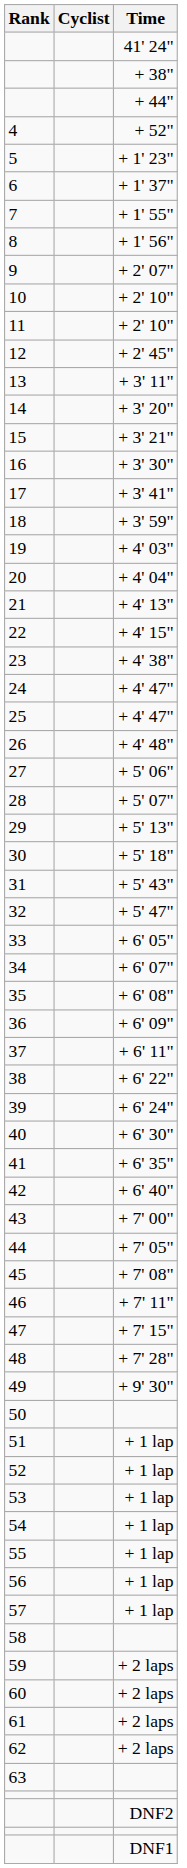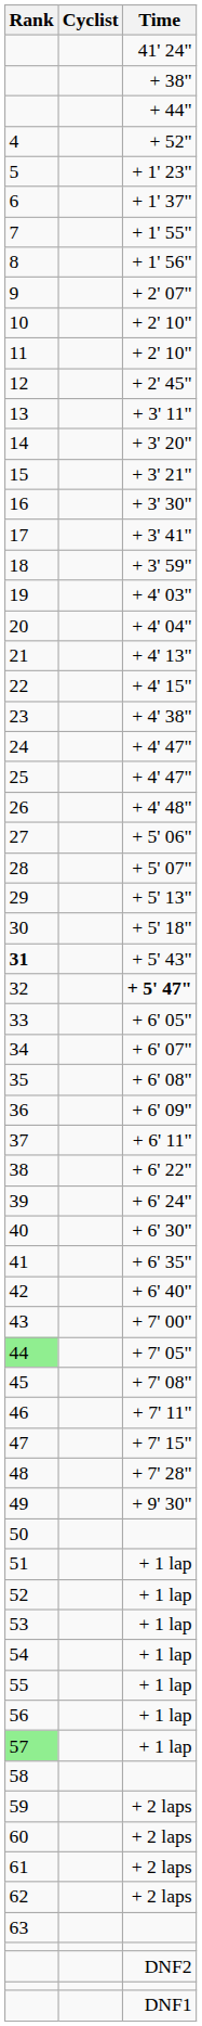 <table class="wikitable">
 <tr>
 <th>Rank</th>
 <th>Cyclist</th>
 <th>Time</th>
 </tr>
 <tr>
 <td></td>
 <td></td>
 <td align="right">41' 24"</td>
 </tr>
 <tr>
 <td></td>
 <td></td>
 <td align="right">+ 38"</td>
 </tr>
 <tr>
 <td></td>
 <td></td>
 <td align="right">+ 44"</td>
 </tr>
 <tr>
 <td>4</td>
 <td></td>
 <td align="right">+ 52"</td>
 </tr>
 <tr>
 <td>5</td>
 <td></td>
 <td align="right">+ 1' 23"</td>
 </tr>
 <tr>
 <td>6</td>
 <td></td>
 <td align="right">+ 1' 37"</td>
 </tr>
 <tr>
 <td>7</td>
 <td></td>
 <td align="right">+ 1' 55"</td>
 </tr>
 <tr>
 <td>8</td>
 <td></td>
 <td align="right">+ 1' 56"</td>
 </tr>
 <tr>
 <td>9</td>
 <td></td>
 <td align="right">+ 2' 07"</td>
 </tr>
 <tr>
 <td>10</td>
 <td></td>
 <td align="right">+ 2' 10"</td>
 </tr>
 <tr>
 <td>11</td>
 <td></td>
 <td align="right">+ 2' 10"</td>
 </tr>
 <tr>
 <td>12</td>
 <td></td>
 <td align="right">+ 2' 45"</td>
 </tr>
 <tr>
 <td>13</td>
 <td></td>
 <td align="right">+ 3' 11"</td>
 </tr>
 <tr>
 <td>14</td>
 <td></td>
 <td align="right">+ 3' 20"</td>
 </tr>
 <tr>
 <td>15</td>
 <td></td>
 <td align="right">+ 3' 21"</td>
 </tr>
 <tr>
 <td>16</td>
 <td></td>
 <td align="right">+ 3' 30"</td>
 </tr>
 <tr>
 <td>17</td>
 <td></td>
 <td align="right">+ 3' 41"</td>
 </tr>
 <tr>
 <td>18</td>
 <td></td>
 <td align="right">+ 3' 59"</td>
 </tr>
 <tr>
 <td>19</td>
 <td></td>
 <td align="right">+ 4' 03"</td>
 </tr>
 <tr>
 <td>20</td>
 <td></td>
 <td align="right">+ 4' 04"</td>
 </tr>
 <tr>
 <td>21</td>
 <td></td>
 <td align="right">+ 4' 13"</td>
 </tr>
 <tr>
 <td>22</td>
 <td></td>
 <td align="right">+ 4' 15"</td>
 </tr>
 <tr>
 <td>23</td>
 <td></td>
 <td align="right">+ 4' 38"</td>
 </tr>
 <tr>
 <td>24</td>
 <td></td>
 <td align="right">+ 4' 47"</td>
 </tr>
 <tr>
 <td>25</td>
 <td></td>
 <td align="right">+ 4' 47"</td>
 </tr>
 <tr>
 <td>26</td>
 <td></td>
 <td align="right">+ 4' 48"</td>
 </tr>
 <tr>
 <td>27</td>
 <td></td>
 <td align="right">+ 5' 06"</td>
 </tr>
 <tr>
 <td>28</td>
 <td></td>
 <td align="right">+ 5' 07"</td>
 </tr>
 <tr>
 <td>29</td>
 <td></td>
 <td align="right">+ 5' 13"</td>
 </tr>
 <tr>
 <td>30</td>
 <td></td>
 <td align="right">+ 5' 18"</td>
 </tr>
 <tr>
-<td>31</td>
+<td><strong>31</strong></td>
 <td></td>
 <td align="right">+ 5' 43"</td>
 </tr>
 <tr>
 <td>32</td>
 <td></td>
-<td align="right">+ 5' 47"</td>
+<td align="right"><strong>+ 5' 47"</strong></td>
 </tr>
 <tr>
 <td>33</td>
 <td></td>
 <td align="right">+ 6' 05"</td>
 </tr>
 <tr>
 <td>34</td>
 <td></td>
 <td align="right">+ 6' 07"</td>
 </tr>
 <tr>
 <td>35</td>
 <td></td>
 <td align="right">+ 6' 08"</td>
 </tr>
 <tr>
 <td>36</td>
 <td></td>
 <td align="right">+ 6' 09"</td>
 </tr>
 <tr>
 <td>37</td>
 <td></td>
 <td align="right">+ 6' 11"</td>
 </tr>
 <tr>
 <td>38</td>
 <td></td>
 <td align="right">+ 6' 22"</td>
 </tr>
 <tr>
 <td>39</td>
 <td></td>
 <td align="right">+ 6' 24"</td>
 </tr>
 <tr>
 <td>40</td>
 <td></td>
 <td align="right">+ 6' 30"</td>
 </tr>
 <tr>
 <td>41</td>
 <td></td>
 <td align="right">+ 6' 35"</td>
 </tr>
 <tr>
 <td>42</td>
 <td></td>
 <td align="right">+ 6' 40"</td>
 </tr>
 <tr>
 <td>43</td>
 <td></td>
 <td align="right">+ 7' 00"</td>
 </tr>
 <tr>
-<td>44</td>
+<td style="background: lightgreen;">44</td>
 <td></td>
 <td align="right">+ 7' 05"</td>
 </tr>
 <tr>
 <td>45</td>
 <td></td>
 <td align="right">+ 7' 08"</td>
 </tr>
 <tr>
 <td>46</td>
 <td></td>
 <td align="right">+ 7' 11"</td>
 </tr>
 <tr>
 <td>47</td>
 <td></td>
 <td align="right">+ 7' 15"</td>
 </tr>
 <tr>
 <td>48</td>
 <td></td>
 <td align="right">+ 7' 28"</td>
 </tr>
 <tr>
 <td>49</td>
 <td></td>
 <td align="right">+ 9' 30"</td>
 </tr>
 <tr>
 <td>50</td>
 <td></td>
 <td align="right"></td>
 </tr>
 <tr>
 <td>51</td>
 <td></td>
 <td align="right">+ 1 lap</td>
 </tr>
 <tr>
 <td>52</td>
 <td></td>
 <td align="right">+ 1 lap</td>
 </tr>
 <tr>
 <td>53</td>
 <td></td>
 <td align="right">+ 1 lap</td>
 </tr>
 <tr>
 <td>54</td>
 <td></td>
 <td align="right">+ 1 lap</td>
 </tr>
 <tr>
 <td>55</td>
 <td></td>
 <td align="right">+ 1 lap</td>
 </tr>
 <tr>
 <td>56</td>
 <td></td>
 <td align="right">+ 1 lap</td>
 </tr>
 <tr>
-<td>57</td>
+<td style="background: lightgreen;">57</td>
 <td></td>
 <td align="right">+ 1 lap</td>
 </tr>
 <tr>
 <td>58</td>
 <td></td>
 <td align="right"></td>
 </tr>
 <tr>
 <td>59</td>
 <td></td>
 <td align="right">+ 2 laps</td>
 </tr>
 <tr>
 <td>60</td>
 <td></td>
 <td align="right">+ 2 laps</td>
 </tr>
 <tr>
 <td>61</td>
 <td></td>
 <td align="right">+ 2 laps</td>
 </tr>
 <tr>
 <td>62</td>
 <td></td>
 <td align="right">+ 2 laps</td>
 </tr>
 <tr>
 <td>63</td>
 <td></td>
 <td align="right"></td>
 </tr>
 <tr>
 <td></td>
 <td></td>
 <td align="right"></td>
 </tr>
 <tr>
 <td></td>
 <td></td>
 <td align="right">DNF2</td>
 </tr>
 <tr>
 <td></td>
 <td></td>
 <td align="right"></td>
 </tr>
 <tr>
 <td></td>
 <td></td>
 <td align="right">DNF1</td>
 </tr>
 </table>
